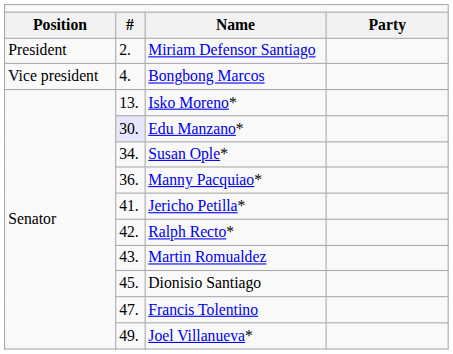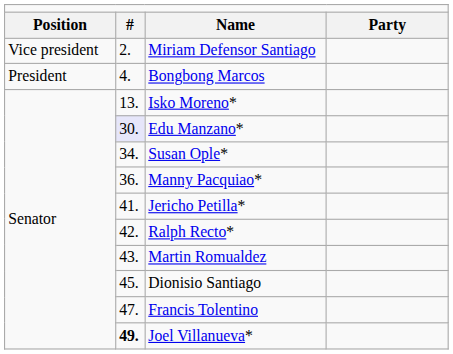 <table class=wikitable style="font-size:90%">
 <tr>
 <td colspan="5"></td>
 </tr>
 <tr>
 <th width=95px>Position</th>
 <th width=20px>#</th>
 <th width=160px>Name</th>
 <th colspan=2 width=105px>Party</th>
 </tr>
 <tr>
-<td>President</td>
+<td>Vice president</td>
 <td>2.</td>
 <td><a href='#'>Miriam Defensor Santiago</a></td>
 <td></td>
 </tr>
 <tr>
-<td>Vice president</td>
+<td>President</td>
 <td>4.</td>
 <td><a href='#'>Bongbong Marcos</a></td>
 <td></td>
 </tr>
 <tr>
 <td rowspan="12">Senator</td>
 <td>13.</td>
 <td><a href='#'>Isko Moreno</a>*</td>
 <td></td>
 </tr>
 <tr>
 <td style="background: lavender;">30.</td>
 <td><a href='#'>Edu Manzano</a>*</td>
 <td></td>
 </tr>
 <tr>
 <td>34.</td>
 <td><a href='#'>Susan Ople</a>*</td>
 <td></td>
 </tr>
 <tr>
 <td>36.</td>
 <td><a href='#'>Manny Pacquiao</a>*</td>
 <td></td>
 </tr>
 <tr>
 <td>41.</td>
 <td><a href='#'>Jericho Petilla</a>*</td>
 <td></td>
 </tr>
 <tr>
 <td>42.</td>
 <td><a href='#'>Ralph Recto</a>*</td>
 <td></td>
 </tr>
 <tr>
 <td>43.</td>
 <td><a href='#'>Martin Romualdez</a></td>
 <td></td>
 </tr>
 <tr>
 <td>45.</td>
 <td>Dionisio Santiago</td>
 <td></td>
 </tr>
 <tr>
 <td>47.</td>
 <td><a href='#'>Francis Tolentino</a></td>
 <td></td>
 </tr>
 <tr>
-<td>49.</td>
+<td><strong>49.</strong></td>
 <td><a href='#'>Joel Villanueva</a>*</td>
 <td></td>
 </tr>
 </table>
